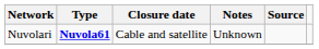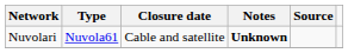 <table class="wikitable sortable">
 <tr>
 <th>Network</th>
 <th>Type</th>
 <th>Closure date</th>
 <th>Notes</th>
 <th>Source</th>
 </tr>
 <tr>
 <td>Nuvolari</td>
-<td><strong><a href='#'>Nuvola61</a></strong></td>
+<td><a href='#'>Nuvola61</a></td>
 <td>Cable and satellite</td>
-<td>Unknown</td>
+<td><strong>Unknown</strong></td>
 <td></td>
 <td></td>
 </tr>
 <tr>
 </tr>
 </table>
